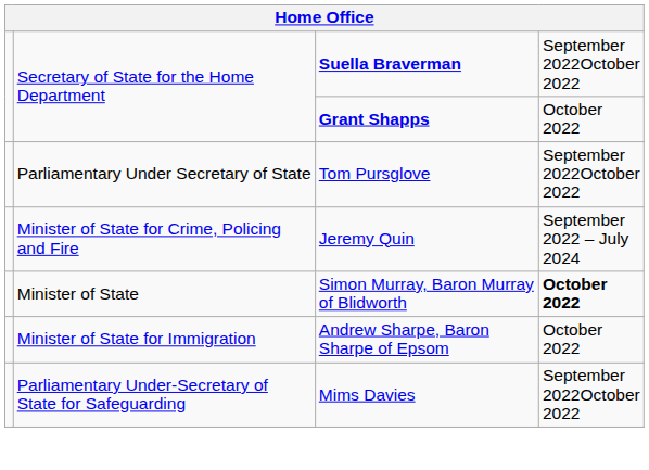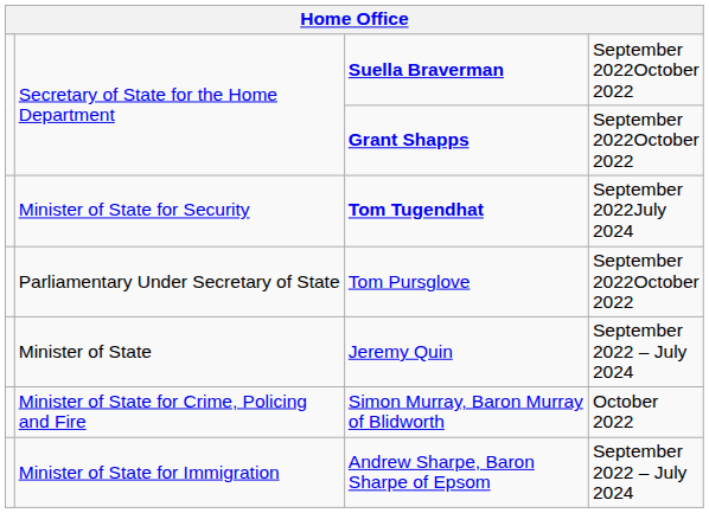 <table class="wikitable">
 <tr>
 <th colspan="4"><a href='#'>Home Office</a></th>
 </tr>
 <tr>
 <td rowspan=2 style="width: 1px; background: "></td>
 <td rowspan=2 style="width: 450px;"><a href='#'>Secretary of State for the Home Department</a></td>
 <td style="width: 320px;"><strong><a href='#'>Suella Braverman</a></strong></td>
 <td>September 2022October 2022</td>
 </tr>
 <tr>
 <td style="width: 320px;"><strong><a href='#'>Grant Shapps</a></strong></td>
-<td>October 2022</td>
+<td>September 2022October 2022</td>
+</tr>
+<tr>
+<td rowspan=1 style="width: 1px; background: "></td>
+<td rowspan="1"><a href='#'>Minister of State for Security</a></td>
+<td><strong><a href='#'>Tom Tugendhat</a></strong></td>
+<td>September 2022July 2024</td>
 </tr>
 <tr>
 <td rowspan=1 style="background: "></td>
 <td rowspan="1">Parliamentary Under Secretary of State</td>
 <td><a href='#'>Tom Pursglove</a></td>
 <td>September 2022October 2022</td>
 </tr>
 <tr>
 <td rowspan="1" style="background: "></td>
-<td rowspan="1"><a href='#'>Minister of State for Crime, Policing and Fire</a></td>
+<td rowspan="1">Minister of State</td>
 <td><a href='#'>Jeremy Quin</a></td>
 <td>September 2022 – July 2024</td>
 </tr>
 <tr>
 <td rowspan="1" style="width: 1px; background: "></td>
-<td rowspan="1">Minister of State</td>
+<td rowspan="1"><a href='#'>Minister of State for Crime, Policing and Fire</a></td>
 <td><a href='#'>Simon Murray, Baron Murray of Blidworth</a></td>
-<td><strong>October 2022</strong></td>
+<td>October 2022</td>
 </tr>
 <tr>
 <td style="width: 1px; background: "></td>
 <td rowspan=1><a href='#'>Minister of State for Immigration</a></td>
 <td><a href='#'>Andrew Sharpe, Baron Sharpe of Epsom</a></td>
-<td>October 2022</td>
-</tr>
-<tr>
-<td rowspan="1" style="width: 1px; background: "></td>
-<td rowspan="1"><a href='#'>Parliamentary Under-Secretary of State for Safeguarding</a></td>
-<td><a href='#'>Mims Davies</a></td>
-<td>September 2022October 2022</td>
+<td>September 2022 – July 2024</td>
 </tr>
 </table>
